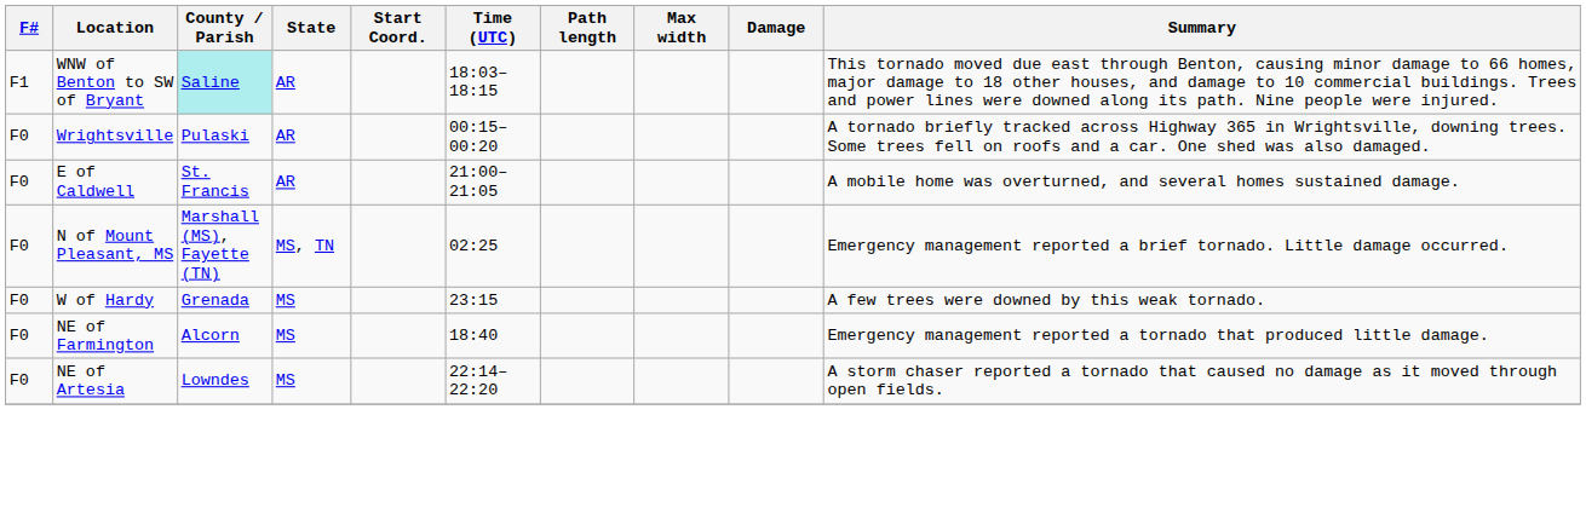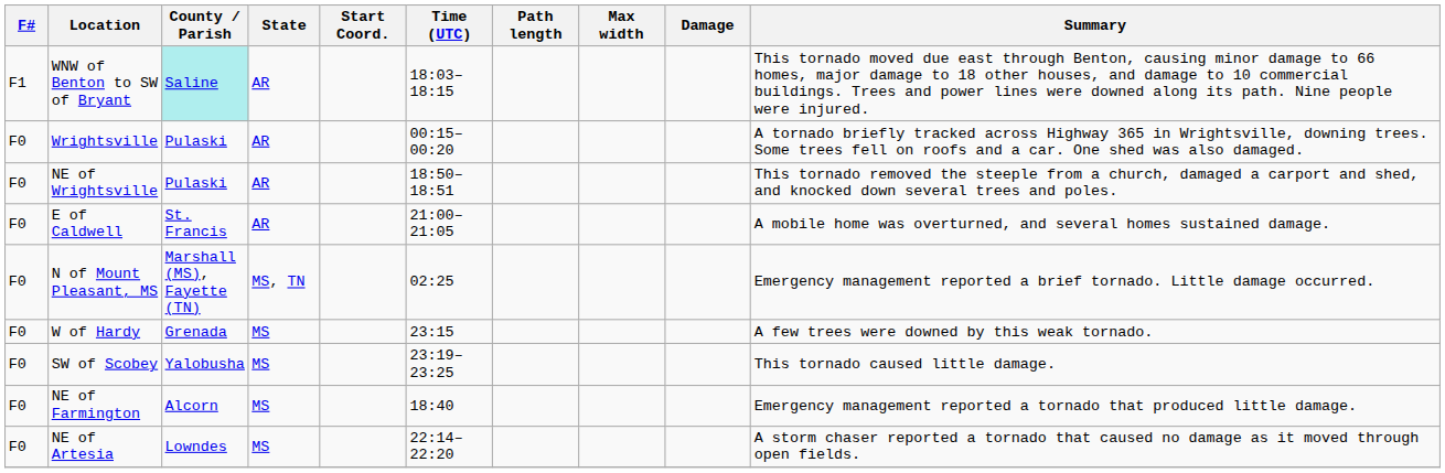 <table class="wikitable sortable" style="width:100%;">
 <tr>
 <th scope="col"  style="width:3%; text-align:center;"><a href='#'>F#</a></th>
 <th scope="col"  style="width:7%; text-align:center;" class="unsortable">Location</th>
 <th scope="col"  style="width:6%; text-align:center;" class="unsortable">County / Parish</th>
 <th scope="col"  style="width:5%; text-align:center;">State</th>
 <th scope="col"  style="width:6%; text-align:center;">Start Coord.</th>
 <th scope="col"  style="width:6%; text-align:center;">Time (<a href='#'>UTC</a>)</th>
 <th scope="col"  style="width:6%; text-align:center;">Path length</th>
 <th scope="col"  style="width:6%; text-align:center;">Max width</th>
 <th scope="col"  style="width:6%; text-align:center;">Damage</th>
 <th scope="col" class="unsortable" style="width:48%; text-align:center;">Summary</th>
 </tr>
 <tr>
 <td>F1</td>
 <td>WNW of <a href='#'>Benton</a> to SW of <a href='#'>Bryant</a></td>
 <td style="background: paleturquoise;"><a href='#'>Saline</a></td>
 <td><a href='#'>AR</a></td>
 <td></td>
 <td>18:03–18:15</td>
 <td></td>
 <td></td>
 <td></td>
 <td>This tornado moved due east through Benton, causing minor damage to 66 homes, major damage to 18 other houses, and damage to 10 commercial buildings. Trees and power lines were downed along its path. Nine people were injured.</td>
 </tr>
 <tr>
 <td>F0</td>
 <td><a href='#'>Wrightsville</a></td>
 <td><a href='#'>Pulaski</a></td>
 <td><a href='#'>AR</a></td>
 <td></td>
 <td>00:15–00:20</td>
 <td></td>
 <td></td>
 <td></td>
 <td>A tornado briefly tracked across Highway 365 in Wrightsville, downing trees. Some trees fell on roofs and a car. One shed was also damaged.</td>
 </tr>
 <tr>
 <td>F0</td>
+<td>NE of <a href='#'>Wrightsville</a></td>
+<td><a href='#'>Pulaski</a></td>
+<td><a href='#'>AR</a></td>
+<td></td>
+<td>18:50–18:51</td>
+<td></td>
+<td></td>
+<td></td>
+<td>This tornado removed the steeple from a church, damaged a carport and shed, and knocked down several trees and poles.</td>
+</tr>
+<tr>
+<td>F0</td>
 <td>E of <a href='#'>Caldwell</a></td>
 <td><a href='#'>St. Francis</a></td>
 <td><a href='#'>AR</a></td>
 <td></td>
 <td>21:00–21:05</td>
 <td></td>
 <td></td>
 <td></td>
 <td>A mobile home was overturned, and several homes sustained damage.</td>
 </tr>
 <tr>
 <td>F0</td>
 <td>N of <a href='#'>Mount Pleasant, MS</a></td>
 <td><a href='#'>Marshall (MS)</a>, <a href='#'>Fayette (TN)</a></td>
 <td><a href='#'>MS</a>, <a href='#'>TN</a></td>
 <td></td>
 <td>02:25</td>
 <td></td>
 <td></td>
 <td></td>
 <td>Emergency management reported a brief tornado. Little damage occurred.</td>
 </tr>
 <tr>
 <td>F0</td>
 <td>W of <a href='#'>Hardy</a></td>
 <td><a href='#'>Grenada</a></td>
 <td><a href='#'>MS</a></td>
 <td></td>
 <td>23:15</td>
 <td></td>
 <td></td>
 <td></td>
 <td>A few trees were downed by this weak tornado.</td>
 </tr>
 <tr>
 <td>F0</td>
+<td>SW of <a href='#'>Scobey</a></td>
+<td><a href='#'>Yalobusha</a></td>
+<td><a href='#'>MS</a></td>
+<td></td>
+<td>23:19–23:25</td>
+<td></td>
+<td></td>
+<td></td>
+<td>This tornado caused little damage.</td>
+</tr>
+<tr>
+<td>F0</td>
 <td>NE of <a href='#'>Farmington</a></td>
 <td><a href='#'>Alcorn</a></td>
 <td><a href='#'>MS</a></td>
 <td></td>
 <td>18:40</td>
 <td></td>
 <td></td>
 <td></td>
 <td>Emergency management reported a tornado that produced little damage.</td>
 </tr>
 <tr>
 <td>F0</td>
 <td>NE of <a href='#'>Artesia</a></td>
 <td><a href='#'>Lowndes</a></td>
 <td><a href='#'>MS</a></td>
 <td></td>
 <td>22:14–22:20</td>
 <td></td>
 <td></td>
 <td></td>
 <td>A storm chaser reported a tornado that caused no damage as it moved through open fields.</td>
 </tr>
 <tr>
 </tr>
 </table>
